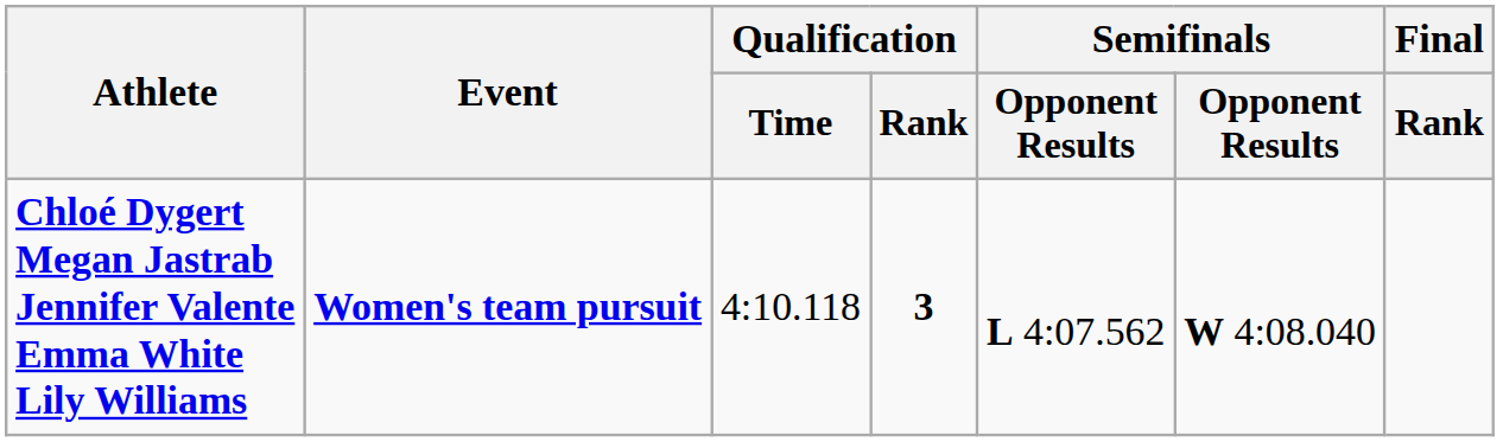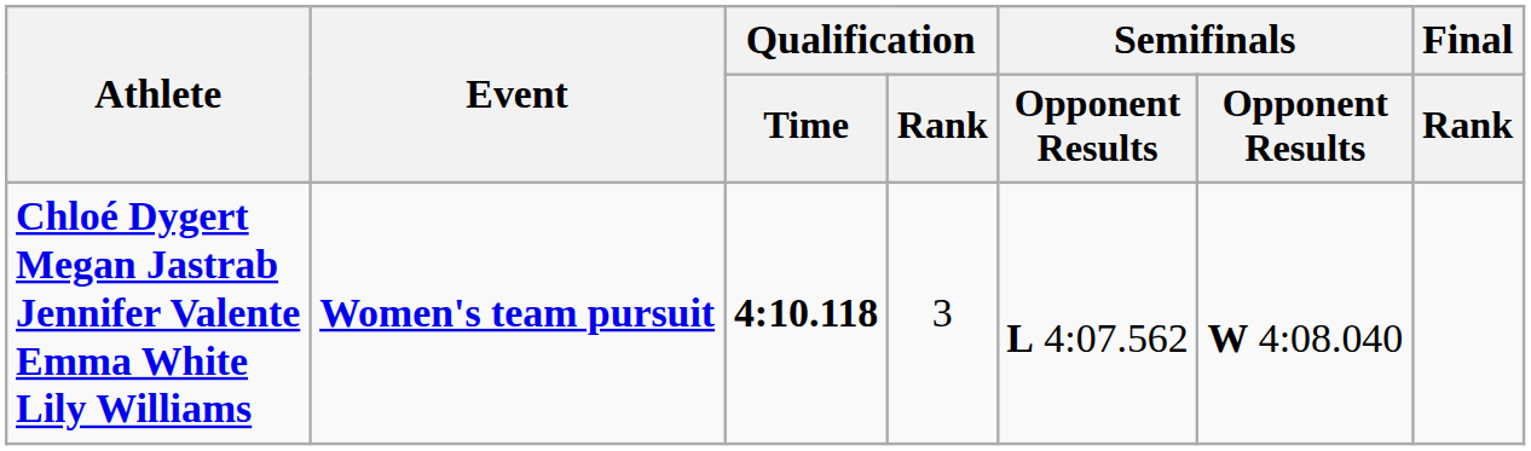 <table class=wikitable style=font-size:90%>
 <tr>
 <th rowspan=2>Athlete</th>
 <th rowspan=2>Event</th>
 <th colspan=2>Qualification</th>
 <th colspan=2>Semifinals</th>
 <th colspan=2>Final</th>
 </tr>
 <tr style=font-size:95%>
 <th>Time</th>
 <th>Rank</th>
 <th>Opponent<br>Results</th>
 <th>Opponent<br>Results</th>
 <th>Rank</th>
 </tr>
 <tr align=center>
 <td align=left><strong><a href='#'>Chloé Dygert</a><br><a href='#'>Megan Jastrab</a><br><a href='#'>Jennifer Valente</a><br><a href='#'>Emma White</a><br><a href='#'>Lily Williams</a></strong></td>
 <td align=left><strong><a href='#'>Women's team pursuit</a></strong></td>
-<td>4:10.118</td>
-<td><strong>3</strong></td>
+<td><strong>4:10.118</strong></td>
+<td>3</td>
 <td><br><strong>L</strong> 4:07.562</td>
 <td><br><strong>W</strong> 4:08.040</td>
 <td></td>
 </tr>
 </table>
